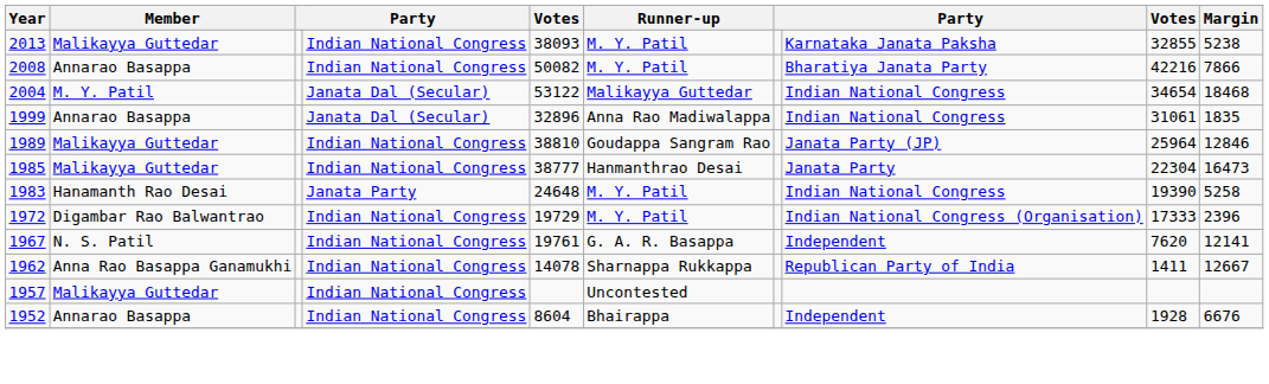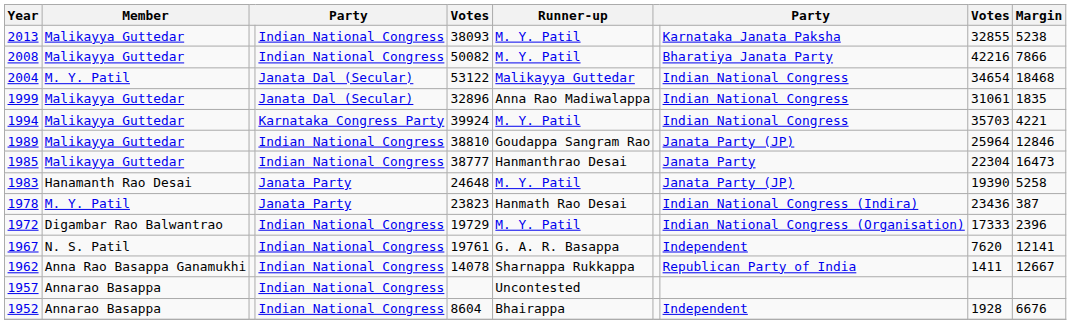 <table class="wikitable sortable">
 <tr>
 <th>Year</th>
 <th>Member</th>
 <th colspan="2">Party</th>
 <th>Votes</th>
 <th>Runner-up</th>
 <th colspan="2">Party</th>
 <th>Votes</th>
 <th>Margin</th>
 </tr>
 <tr>
 <td><a href='#'>2013</a></td>
 <td><a href='#'>Malikayya Guttedar</a></td>
 <td style="background-color: "></td>
 <td><a href='#'>Indian National Congress</a></td>
 <td>38093</td>
 <td><a href='#'>M. Y. Patil</a></td>
 <td style="background-color: "></td>
 <td><a href='#'>Karnataka Janata Paksha</a></td>
 <td>32855</td>
 <td>5238</td>
 </tr>
 <tr>
 <td><a href='#'>2008</a></td>
-<td>Annarao  Basappa</td>
+<td><a href='#'>Malikayya Guttedar</a></td>
 <td style="background-color: "></td>
 <td><a href='#'>Indian National Congress</a></td>
 <td>50082</td>
 <td><a href='#'>M. Y. Patil</a></td>
 <td style="background-color: "></td>
 <td><a href='#'>Bharatiya Janata Party</a></td>
 <td>42216</td>
 <td>7866</td>
 </tr>
 <tr>
 <td><a href='#'>2004</a></td>
 <td><a href='#'>M. Y. Patil</a></td>
 <td style="background-color: "></td>
 <td><a href='#'>Janata Dal (Secular)</a></td>
 <td>53122</td>
 <td><a href='#'>Malikayya Guttedar</a></td>
 <td style="background-color: "></td>
 <td><a href='#'>Indian National Congress</a></td>
 <td>34654</td>
 <td>18468</td>
 </tr>
 <tr>
 <td><a href='#'>1999</a></td>
-<td>Annarao  Basappa</td>
+<td><a href='#'>Malikayya Guttedar</a></td>
 <td style="background-color: "></td>
 <td><a href='#'>Janata Dal (Secular)</a></td>
 <td>32896</td>
 <td>Anna Rao Madiwalappa</td>
 <td style="background-color: "></td>
 <td><a href='#'>Indian National Congress</a></td>
 <td>31061</td>
 <td>1835</td>
+</tr>
+<tr>
+<td><a href='#'>1994</a></td>
+<td><a href='#'>Malikayya Guttedar</a></td>
+<td style="background-color: "></td>
+<td><a href='#'>Karnataka Congress Party</a></td>
+<td>39924</td>
+<td><a href='#'>M. Y. Patil</a></td>
+<td style="background-color: "></td>
+<td><a href='#'>Indian National Congress</a></td>
+<td>35703</td>
+<td>4221</td>
 </tr>
 <tr>
 <td><a href='#'>1989</a></td>
 <td><a href='#'>Malikayya Guttedar</a></td>
 <td style="background-color: "></td>
 <td><a href='#'>Indian National Congress</a></td>
 <td>38810</td>
 <td>Goudappa  Sangram Rao</td>
 <td style="background-color: "></td>
 <td><a href='#'>Janata Party (JP)</a></td>
 <td>25964</td>
 <td>12846</td>
 </tr>
 <tr>
 <td><a href='#'>1985</a></td>
 <td><a href='#'>Malikayya Guttedar</a></td>
 <td style="background-color: "></td>
 <td><a href='#'>Indian National Congress</a></td>
 <td>38777</td>
 <td>Hanmanthrao  Desai</td>
 <td style="background-color: "></td>
 <td><a href='#'>Janata Party</a></td>
 <td>22304</td>
 <td>16473</td>
 </tr>
 <tr>
 <td><a href='#'>1983</a></td>
 <td>Hanamanth Rao Desai</td>
 <td style="background-color: "></td>
 <td><a href='#'>Janata Party</a></td>
 <td>24648</td>
 <td><a href='#'>M. Y. Patil</a></td>
 <td style="background-color: "></td>
-<td><a href='#'>Indian National Congress</a></td>
+<td><a href='#'>Janata Party (JP)</a></td>
 <td>19390</td>
 <td>5258</td>
+</tr>
+<tr>
+<td><a href='#'>1978</a></td>
+<td><a href='#'>M. Y. Patil</a></td>
+<td style="background-color: "></td>
+<td><a href='#'>Janata Party</a></td>
+<td>23823</td>
+<td>Hanmath  Rao Desai</td>
+<td style="background-color: "></td>
+<td><a href='#'>Indian National Congress (Indira)</a></td>
+<td>23436</td>
+<td>387</td>
 </tr>
 <tr>
 <td><a href='#'>1972</a></td>
 <td>Digambar Rao Balwantrao</td>
 <td style="background-color: "></td>
 <td><a href='#'>Indian National Congress</a></td>
 <td>19729</td>
 <td><a href='#'>M. Y. Patil</a></td>
 <td style="background-color: "></td>
 <td><a href='#'>Indian National Congress (Organisation)</a></td>
 <td>17333</td>
 <td>2396</td>
 </tr>
 <tr>
 <td><a href='#'>1967</a></td>
 <td>N. S. Patil</td>
 <td style="background-color: "></td>
 <td><a href='#'>Indian National Congress</a></td>
 <td>19761</td>
 <td>G. A. R. Basappa</td>
 <td style="background-color: "></td>
 <td><a href='#'>Independent</a></td>
 <td>7620</td>
 <td>12141</td>
 </tr>
 <tr>
 <td><a href='#'>1962</a></td>
 <td>Anna Rao Basappa Ganamukhi</td>
 <td style="background-color: "></td>
 <td><a href='#'>Indian National Congress</a></td>
 <td>14078</td>
 <td>Sharnappa  Rukkappa</td>
 <td style="background-color: "></td>
 <td><a href='#'>Republican Party of India</a></td>
 <td>1411</td>
 <td>12667</td>
 </tr>
 <tr>
 <td><a href='#'>1957</a></td>
-<td><a href='#'>Malikayya Guttedar</a></td>
+<td>Annarao  Basappa</td>
 <td style="background-color: "></td>
 <td><a href='#'>Indian National Congress</a></td>
 <td></td>
 <td>Uncontested</td>
 <td></td>
 <td></td>
 <td></td>
 <td></td>
 </tr>
 <tr>
 <td><a href='#'>1952</a></td>
 <td>Annarao  Basappa</td>
 <td style="background-color: "></td>
 <td><a href='#'>Indian National Congress</a></td>
 <td>8604</td>
 <td>Bhairappa</td>
 <td style="background-color: "></td>
 <td><a href='#'>Independent</a></td>
 <td>1928</td>
 <td>6676</td>
 </tr>
 <tr>
 </tr>
 </table>
